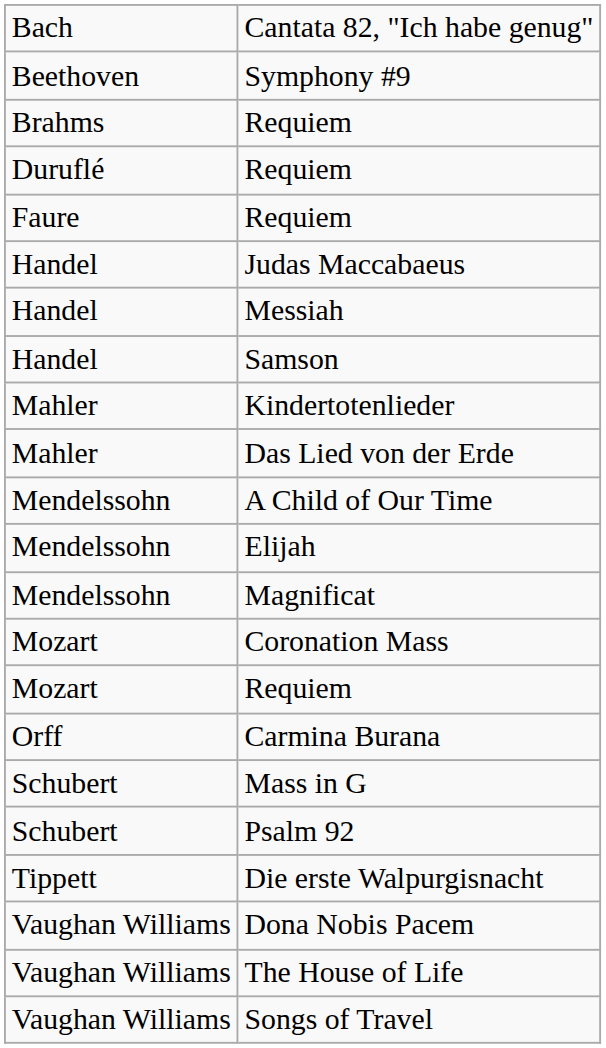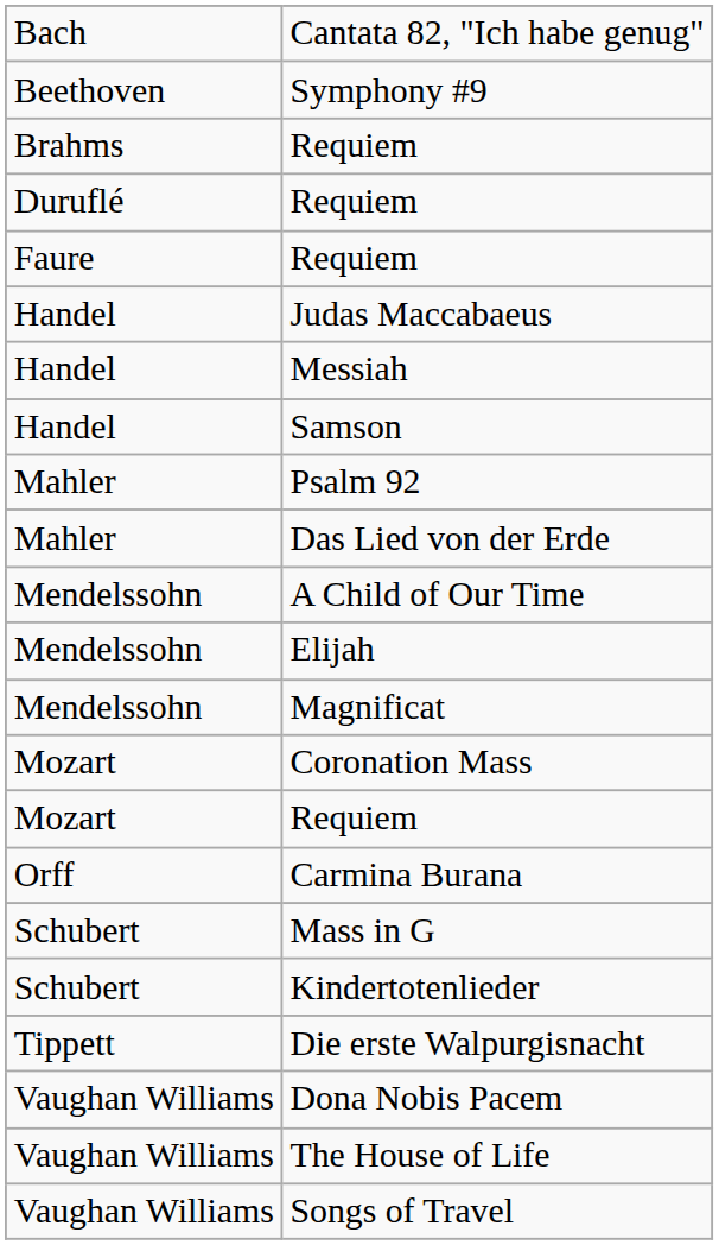 <table class="wikitable">
 <tr>
 <td>Bach</td>
 <td>Cantata 82, "Ich habe genug"</td>
 </tr>
 <tr>
 <td>Beethoven</td>
 <td>Symphony #9</td>
 </tr>
 <tr>
 <td>Brahms</td>
 <td>Requiem</td>
 </tr>
 <tr>
 <td>Duruflé</td>
 <td>Requiem</td>
 </tr>
 <tr>
 <td>Faure</td>
 <td>Requiem</td>
 </tr>
 <tr>
 <td>Handel</td>
 <td>Judas Maccabaeus</td>
 </tr>
 <tr>
 <td>Handel</td>
 <td>Messiah</td>
 </tr>
 <tr>
 <td>Handel</td>
 <td>Samson</td>
 </tr>
 <tr>
 <td>Mahler</td>
-<td>Kindertotenlieder</td>
+<td>Psalm 92</td>
 </tr>
 <tr>
 <td>Mahler</td>
 <td>Das Lied von der Erde</td>
 </tr>
 <tr>
 <td>Mendelssohn</td>
 <td>A Child of Our Time</td>
 </tr>
 <tr>
 <td>Mendelssohn</td>
 <td>Elijah</td>
 </tr>
 <tr>
 <td>Mendelssohn</td>
 <td>Magnificat</td>
 </tr>
 <tr>
 <td>Mozart</td>
 <td>Coronation Mass</td>
 </tr>
 <tr>
 <td>Mozart</td>
 <td>Requiem</td>
 </tr>
 <tr>
 <td>Orff</td>
 <td>Carmina Burana</td>
 </tr>
 <tr>
 <td>Schubert</td>
 <td>Mass in G</td>
 </tr>
 <tr>
 <td>Schubert</td>
-<td>Psalm 92</td>
+<td>Kindertotenlieder</td>
 </tr>
 <tr>
 <td>Tippett</td>
 <td>Die erste Walpurgisnacht</td>
 </tr>
 <tr>
 <td>Vaughan Williams</td>
 <td>Dona Nobis Pacem</td>
 </tr>
 <tr>
 <td>Vaughan Williams</td>
 <td>The House of Life</td>
 </tr>
 <tr>
 <td>Vaughan Williams</td>
 <td>Songs of Travel</td>
 </tr>
 </table>
